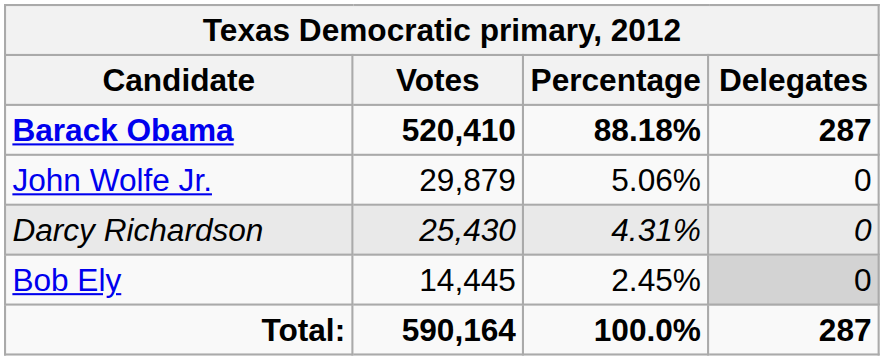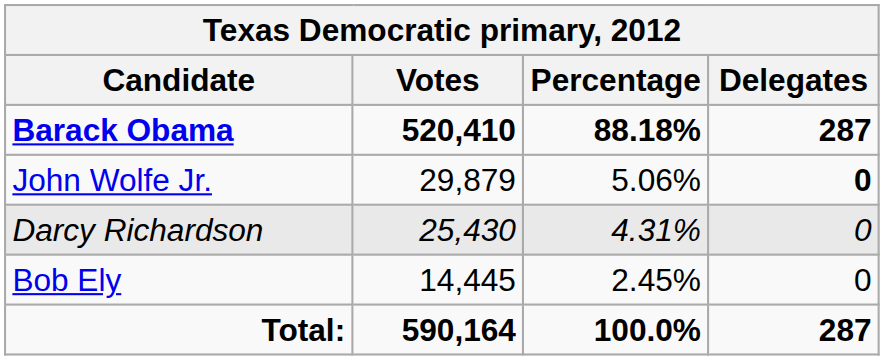 <table class="wikitable" style="font-size:95%;">
 <tr>
 <th colspan="4">Texas Democratic primary, 2012</th>
 </tr>
 <tr>
 <th style="width:160px;">Candidate</th>
 <th style="width:75px;">Votes</th>
 <th style="width:75px;">Percentage</th>
 <th style="width:75px;">Delegates</th>
 </tr>
 <tr align="right" >
 <td align="left"><strong> <a href='#'>Barack Obama</a></strong></td>
 <td><strong>520,410</strong></td>
 <td><strong>88.18%</strong></td>
 <td><strong>287</strong></td>
 </tr>
 <tr align="right">
 <td align="left"><a href='#'>John Wolfe Jr.</a></td>
 <td>29,879</td>
 <td>5.06%</td>
-<td>0</td>
+<td><strong>0</strong></td>
 </tr>
 <tr align="right" bgcolor="e9e9e9">
 <td align="left"><em>Darcy Richardson</em></td>
 <td><em>25,430</em></td>
 <td><em>4.31%</em></td>
 <td><em>0</em></td>
 </tr>
 <tr align="right">
 <td align="left"><a href='#'>Bob Ely</a></td>
 <td>14,445</td>
 <td>2.45%</td>
-<td style="background: lightgrey;">0</td>
+<td>0</td>
 </tr>
 <tr align="right">
 <td><strong>Total:</strong></td>
 <td><strong>590,164</strong></td>
 <td><strong>100.0%</strong></td>
 <td><strong>287</strong></td>
 </tr>
 </table>
